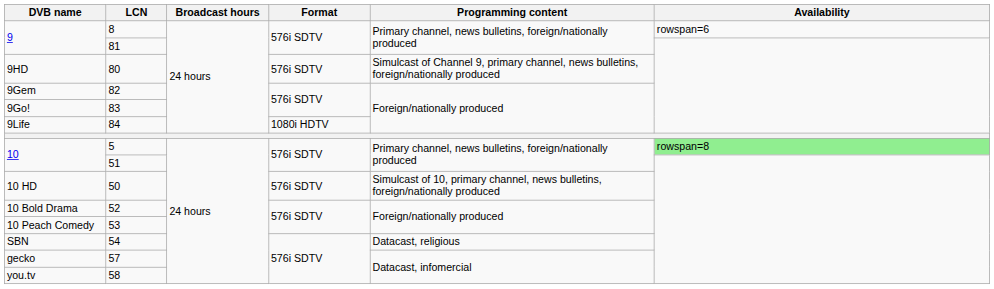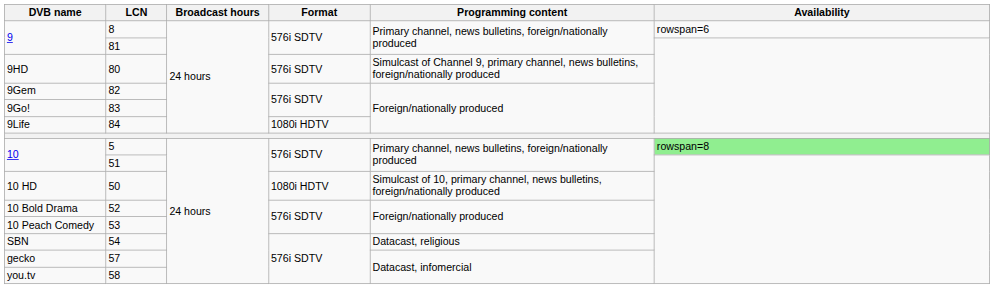 <table class="wikitable" style="font-size:85%; width:100%;">
 <tr>
 <th width="10%">DVB name</th>
 <th width="6%">LCN</th>
 <th width="10%">Broadcast hours</th>
 <th width="10%">Format</th>
 <th width="28%">Programming content</th>
 <th width="33%">Availability</th>
 </tr>
 <tr>
 <td rowspan=2><a href='#'>9</a></td>
 <td>8</td>
 <td rowspan=6>24 hours</td>
 <td rowspan=2>576i SDTV</td>
 <td rowspan=2>Primary channel, news bulletins, foreign/nationally produced </td>
 <td>rowspan=6 </td>
 </tr>
 <tr>
 <td>81</td>
 </tr>
 <tr>
 <td>9HD</td>
 <td>80</td>
 <td>576i SDTV<br></td>
 <td>Simulcast of Channel 9, primary channel, news bulletins, foreign/nationally produced </td>
 </tr>
 <tr>
 <td>9Gem</td>
 <td>82</td>
 <td rowspan=2>576i SDTV</td>
 <td rowspan=3>Foreign/nationally produced </td>
 </tr>
 <tr>
 <td>9Go!</td>
 <td>83</td>
 </tr>
 <tr>
 <td>9Life</td>
 <td>84</td>
 <td>1080i HDTV<br></td>
 </tr>
 <tr>
 <th colspan=6></th>
 </tr>
 <tr>
 <td rowspan=2><a href='#'>10</a></td>
 <td>5</td>
 <td rowspan=8>24 hours</td>
 <td rowspan=2>576i SDTV</td>
 <td rowspan=2>Primary channel, news bulletins, foreign/nationally produced </td>
 <td style="background: lightgreen;">rowspan=8 </td>
 </tr>
 <tr>
 <td>51</td>
 </tr>
 <tr>
 <td>10 HD</td>
 <td>50</td>
-<td>576i SDTV<br></td>
+<td>1080i HDTV<br></td>
 <td>Simulcast of 10, primary channel, news bulletins, foreign/nationally produced </td>
 </tr>
 <tr>
 <td>10 Bold Drama</td>
 <td>52</td>
 <td rowspan=2>576i SDTV</td>
 <td rowspan=2>Foreign/nationally produced </td>
 </tr>
 <tr>
 <td>10 Peach Comedy</td>
 <td>53</td>
 </tr>
 <tr>
 <td>SBN</td>
 <td>54</td>
 <td rowspan=3>576i SDTV<br></td>
 <td>Datacast, religious </td>
 </tr>
 <tr>
 <td>gecko</td>
 <td>57</td>
 <td rowspan=2>Datacast, infomercial </td>
 </tr>
 <tr>
 <td>you.tv</td>
 <td>58</td>
 </tr>
 </table>
